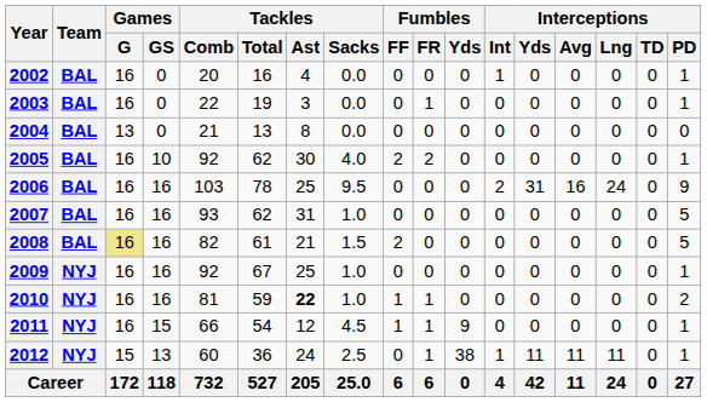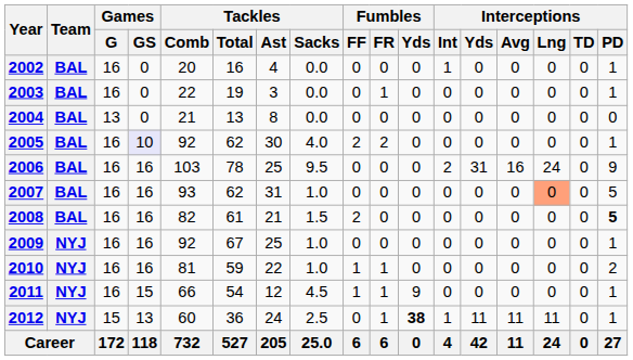 <table class="wikitable" style="text-align: center;">
 <tr>
 <th rowspan="2">Year</th>
 <th rowspan="2">Team</th>
 <th colspan="2">Games</th>
 <th colspan="4">Tackles</th>
 <th colspan="3">Fumbles</th>
 <th colspan="6">Interceptions</th>
 </tr>
 <tr>
 <th>G</th>
 <th>GS</th>
 <th>Comb</th>
 <th>Total</th>
 <th>Ast</th>
 <th>Sacks</th>
 <th>FF</th>
 <th>FR</th>
 <th>Yds</th>
 <th>Int</th>
 <th>Yds</th>
 <th>Avg</th>
 <th>Lng</th>
 <th>TD</th>
 <th>PD</th>
 </tr>
 <tr>
 <th><a href='#'>2002</a></th>
 <th><a href='#'>BAL</a></th>
 <td>16</td>
 <td>0</td>
 <td>20</td>
 <td>16</td>
 <td>4</td>
 <td>0.0</td>
 <td>0</td>
 <td>0</td>
 <td>0</td>
 <td>1</td>
 <td>0</td>
 <td>0</td>
 <td>0</td>
 <td>0</td>
 <td>1</td>
 </tr>
 <tr>
 <th><a href='#'>2003</a></th>
 <th><a href='#'>BAL</a></th>
 <td>16</td>
 <td>0</td>
 <td>22</td>
 <td>19</td>
 <td>3</td>
 <td>0.0</td>
 <td>0</td>
 <td>1</td>
 <td>0</td>
 <td>0</td>
 <td>0</td>
 <td>0</td>
 <td>0</td>
 <td>0</td>
 <td>1</td>
 </tr>
 <tr>
 <th><a href='#'>2004</a></th>
 <th><a href='#'>BAL</a></th>
 <td>13</td>
 <td>0</td>
 <td>21</td>
 <td>13</td>
 <td>8</td>
 <td>0.0</td>
 <td>0</td>
 <td>0</td>
 <td>0</td>
 <td>0</td>
 <td>0</td>
 <td>0</td>
 <td>0</td>
 <td>0</td>
 <td>0</td>
 </tr>
 <tr>
 <th><a href='#'>2005</a></th>
 <th><a href='#'>BAL</a></th>
 <td>16</td>
-<td>10</td>
+<td style="background: lavender;">10</td>
 <td>92</td>
 <td>62</td>
 <td>30</td>
 <td>4.0</td>
 <td>2</td>
 <td>2</td>
 <td>0</td>
 <td>0</td>
 <td>0</td>
 <td>0</td>
 <td>0</td>
 <td>0</td>
 <td>1</td>
 </tr>
 <tr>
 <th><a href='#'>2006</a></th>
 <th><a href='#'>BAL</a></th>
 <td>16</td>
 <td>16</td>
 <td>103</td>
 <td>78</td>
 <td>25</td>
 <td>9.5</td>
 <td>0</td>
 <td>0</td>
 <td>0</td>
 <td>2</td>
 <td>31</td>
 <td>16</td>
 <td>24</td>
 <td>0</td>
 <td>9</td>
 </tr>
 <tr>
 <th><a href='#'>2007</a></th>
 <th><a href='#'>BAL</a></th>
 <td>16</td>
 <td>16</td>
 <td>93</td>
 <td>62</td>
 <td>31</td>
 <td>1.0</td>
 <td>0</td>
 <td>0</td>
 <td>0</td>
 <td>0</td>
 <td>0</td>
 <td>0</td>
-<td>0</td>
+<td style="background: lightsalmon;">0</td>
 <td>0</td>
 <td>5</td>
 </tr>
 <tr>
 <th><a href='#'>2008</a></th>
 <th><a href='#'>BAL</a></th>
-<td style="background: khaki;">16</td>
+<td>16</td>
 <td>16</td>
 <td>82</td>
 <td>61</td>
 <td>21</td>
 <td>1.5</td>
 <td>2</td>
 <td>0</td>
 <td>0</td>
 <td>0</td>
 <td>0</td>
 <td>0</td>
 <td>0</td>
 <td>0</td>
-<td>5</td>
+<td><strong>5</strong></td>
 </tr>
 <tr>
 <th><a href='#'>2009</a></th>
 <th><a href='#'>NYJ</a></th>
 <td>16</td>
 <td>16</td>
 <td>92</td>
 <td>67</td>
 <td>25</td>
 <td>1.0</td>
 <td>0</td>
 <td>0</td>
 <td>0</td>
 <td>0</td>
 <td>0</td>
 <td>0</td>
 <td>0</td>
 <td>0</td>
 <td>1</td>
 </tr>
 <tr>
 <th><a href='#'>2010</a></th>
 <th><a href='#'>NYJ</a></th>
 <td>16</td>
 <td>16</td>
 <td>81</td>
 <td>59</td>
-<td><strong>22</strong></td>
+<td>22</td>
 <td>1.0</td>
 <td>1</td>
 <td>1</td>
 <td>0</td>
 <td>0</td>
 <td>0</td>
 <td>0</td>
 <td>0</td>
 <td>0</td>
 <td>2</td>
 </tr>
 <tr>
 <th><a href='#'>2011</a></th>
 <th><a href='#'>NYJ</a></th>
 <td>16</td>
 <td>15</td>
 <td>66</td>
 <td>54</td>
 <td>12</td>
 <td>4.5</td>
 <td>1</td>
 <td>1</td>
 <td>9</td>
 <td>0</td>
 <td>0</td>
 <td>0</td>
 <td>0</td>
 <td>0</td>
 <td>1</td>
 </tr>
 <tr>
 <th><a href='#'>2012</a></th>
 <th><a href='#'>NYJ</a></th>
 <td>15</td>
 <td>13</td>
 <td>60</td>
 <td>36</td>
 <td>24</td>
 <td>2.5</td>
 <td>0</td>
 <td>1</td>
-<td>38</td>
+<td><strong>38</strong></td>
 <td>1</td>
 <td>11</td>
 <td>11</td>
 <td>11</td>
 <td>0</td>
 <td>1</td>
 </tr>
 <tr>
 <th colspan="2">Career</th>
 <th>172</th>
 <th>118</th>
 <th>732</th>
 <th>527</th>
 <th>205</th>
 <th>25.0</th>
 <th>6</th>
 <th>6</th>
 <th>0</th>
 <th>4</th>
 <th>42</th>
 <th>11</th>
 <th>24</th>
 <th>0</th>
 <th>27</th>
 </tr>
 </table>
